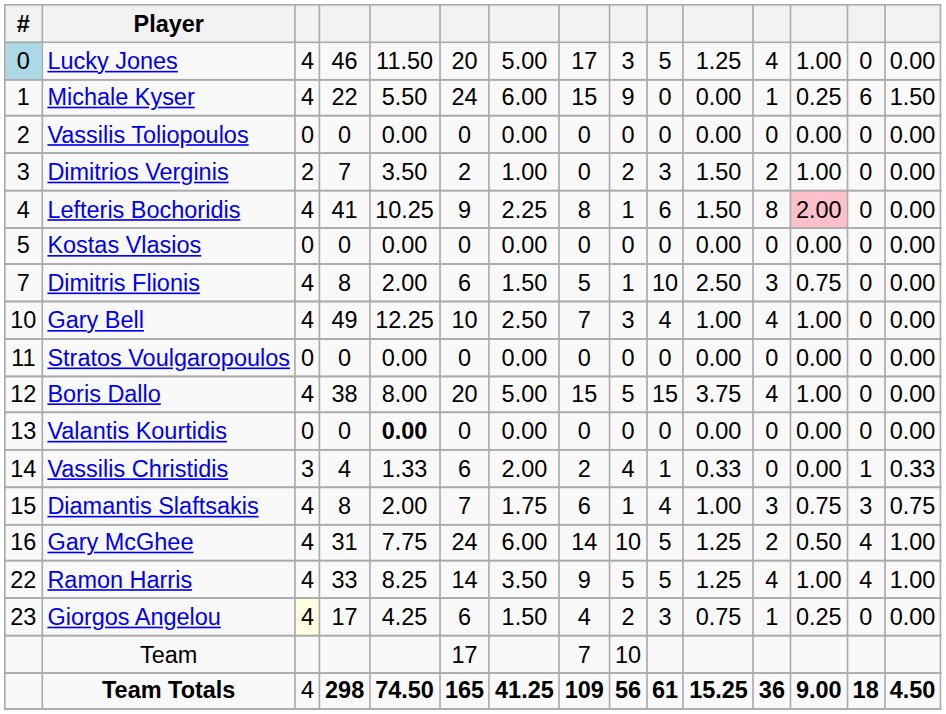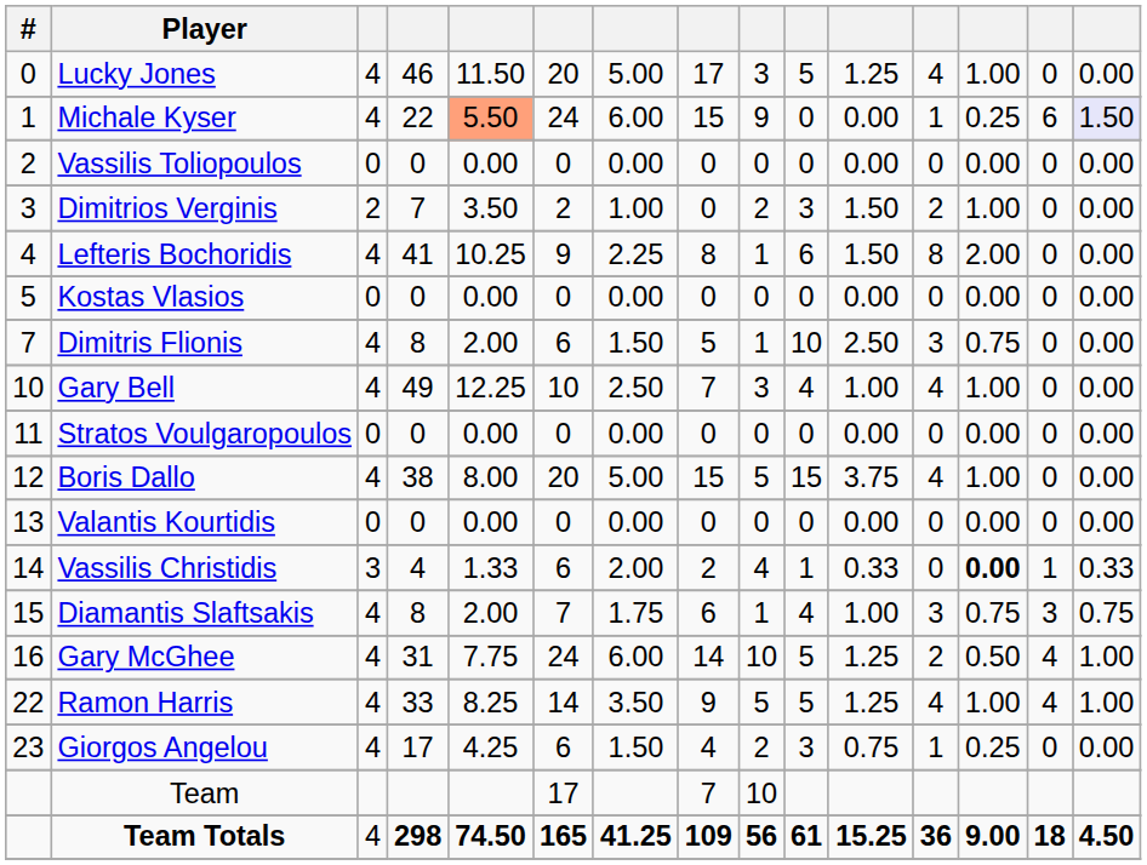 <table class="wikitable sortable" style="font-size:90%; text-align:center;">
 <tr>
 <th>#</th>
 <th>Player</th>
 <th></th>
 <th></th>
 <th></th>
 <th></th>
 <th></th>
 <th></th>
 <th></th>
 <th></th>
 <th></th>
 <th></th>
 <th></th>
 <th></th>
 <th></th>
 </tr>
 <tr>
-<td style="background: lightblue;">0</td>
+<td>0</td>
 <td align="left"> <a href='#'>Lucky Jones</a></td>
 <td>4</td>
 <td>46</td>
 <td>11.50</td>
 <td>20</td>
 <td>5.00</td>
 <td>17</td>
 <td>3</td>
 <td>5</td>
 <td>1.25</td>
 <td>4</td>
 <td>1.00</td>
 <td>0</td>
 <td>0.00</td>
 </tr>
 <tr>
 </tr>
 <tr>
 <td>1</td>
 <td align="left"> <a href='#'>Michale Kyser</a></td>
 <td>4</td>
 <td>22</td>
-<td>5.50</td>
+<td style="background: lightsalmon;">5.50</td>
 <td>24</td>
 <td>6.00</td>
 <td>15</td>
 <td>9</td>
 <td>0</td>
 <td>0.00</td>
 <td>1</td>
 <td>0.25</td>
 <td>6</td>
-<td>1.50</td>
+<td style="background: lavender;">1.50</td>
 </tr>
 <tr>
 </tr>
 <tr>
 <td>2</td>
 <td align="left"> <a href='#'>Vassilis Toliopoulos</a></td>
 <td>0</td>
 <td>0</td>
 <td>0.00</td>
 <td>0</td>
 <td>0.00</td>
 <td>0</td>
 <td>0</td>
 <td>0</td>
 <td>0.00</td>
 <td>0</td>
 <td>0.00</td>
 <td>0</td>
 <td>0.00</td>
 </tr>
 <tr>
 </tr>
 <tr>
 <td>3</td>
 <td align="left"> <a href='#'>Dimitrios Verginis</a></td>
 <td>2</td>
 <td>7</td>
 <td>3.50</td>
 <td>2</td>
 <td>1.00</td>
 <td>0</td>
 <td>2</td>
 <td>3</td>
 <td>1.50</td>
 <td>2</td>
 <td>1.00</td>
 <td>0</td>
 <td>0.00</td>
 </tr>
 <tr>
 </tr>
 <tr>
 <td>4</td>
 <td align="left"> <a href='#'>Lefteris Bochoridis</a></td>
 <td>4</td>
 <td>41</td>
 <td>10.25</td>
 <td>9</td>
 <td>2.25</td>
 <td>8</td>
 <td>1</td>
 <td>6</td>
 <td>1.50</td>
 <td>8</td>
-<td style="background: pink;">2.00</td>
+<td>2.00</td>
 <td>0</td>
 <td>0.00</td>
 </tr>
 <tr>
 </tr>
 <tr>
 <td>5</td>
 <td align="left"> <a href='#'>Kostas Vlasios</a></td>
 <td>0</td>
 <td>0</td>
 <td>0.00</td>
 <td>0</td>
 <td>0.00</td>
 <td>0</td>
 <td>0</td>
 <td>0</td>
 <td>0.00</td>
 <td>0</td>
 <td>0.00</td>
 <td>0</td>
 <td>0.00</td>
 </tr>
 <tr>
 </tr>
 <tr>
 <td>7</td>
 <td align="left"> <a href='#'>Dimitris Flionis</a></td>
 <td>4</td>
 <td>8</td>
 <td>2.00</td>
 <td>6</td>
 <td>1.50</td>
 <td>5</td>
 <td>1</td>
 <td>10</td>
 <td>2.50</td>
 <td>3</td>
 <td>0.75</td>
 <td>0</td>
 <td>0.00</td>
 </tr>
 <tr>
 </tr>
 <tr>
 <td>10</td>
 <td align="left"> <a href='#'>Gary Bell</a></td>
 <td>4</td>
 <td>49</td>
 <td>12.25</td>
 <td>10</td>
 <td>2.50</td>
 <td>7</td>
 <td>3</td>
 <td>4</td>
 <td>1.00</td>
 <td>4</td>
 <td>1.00</td>
 <td>0</td>
 <td>0.00</td>
 </tr>
 <tr>
 </tr>
 <tr>
 <td>11</td>
 <td align="left"> <a href='#'>Stratos Voulgaropoulos</a></td>
 <td>0</td>
 <td>0</td>
 <td>0.00</td>
 <td>0</td>
 <td>0.00</td>
 <td>0</td>
 <td>0</td>
 <td>0</td>
 <td>0.00</td>
 <td>0</td>
 <td>0.00</td>
 <td>0</td>
 <td>0.00</td>
 </tr>
 <tr>
 </tr>
 <tr>
 <td>12</td>
 <td align="left"> <a href='#'>Boris Dallo</a></td>
 <td>4</td>
 <td>38</td>
 <td>8.00</td>
 <td>20</td>
 <td>5.00</td>
 <td>15</td>
 <td>5</td>
 <td>15</td>
 <td>3.75</td>
 <td>4</td>
 <td>1.00</td>
 <td>0</td>
 <td>0.00</td>
 </tr>
 <tr>
 </tr>
 <tr>
 <td>13</td>
 <td align="left"> <a href='#'>Valantis Kourtidis</a></td>
 <td>0</td>
 <td>0</td>
-<td><strong>0.00</strong></td>
+<td>0.00</td>
 <td>0</td>
 <td>0.00</td>
 <td>0</td>
 <td>0</td>
 <td>0</td>
 <td>0.00</td>
 <td>0</td>
 <td>0.00</td>
 <td>0</td>
 <td>0.00</td>
 </tr>
 <tr>
 </tr>
 <tr>
 <td>14</td>
 <td align="left"> <a href='#'>Vassilis Christidis</a></td>
 <td>3</td>
 <td>4</td>
 <td>1.33</td>
 <td>6</td>
 <td>2.00</td>
 <td>2</td>
 <td>4</td>
 <td>1</td>
 <td>0.33</td>
 <td>0</td>
-<td>0.00</td>
+<td><strong>0.00</strong></td>
 <td>1</td>
 <td>0.33</td>
 </tr>
 <tr>
 </tr>
 <tr>
 <td>15</td>
 <td align="left"> <a href='#'>Diamantis Slaftsakis</a></td>
 <td>4</td>
 <td>8</td>
 <td>2.00</td>
 <td>7</td>
 <td>1.75</td>
 <td>6</td>
 <td>1</td>
 <td>4</td>
 <td>1.00</td>
 <td>3</td>
 <td>0.75</td>
 <td>3</td>
 <td>0.75</td>
 </tr>
 <tr>
 </tr>
 <tr>
 <td>16</td>
 <td align="left"> <a href='#'>Gary McGhee</a></td>
 <td>4</td>
 <td>31</td>
 <td>7.75</td>
 <td>24</td>
 <td>6.00</td>
 <td>14</td>
 <td>10</td>
 <td>5</td>
 <td>1.25</td>
 <td>2</td>
 <td>0.50</td>
 <td>4</td>
 <td>1.00</td>
 </tr>
 <tr>
 </tr>
 <tr>
 <td>22</td>
 <td align="left"> <a href='#'>Ramon Harris</a></td>
 <td>4</td>
 <td>33</td>
 <td>8.25</td>
 <td>14</td>
 <td>3.50</td>
 <td>9</td>
 <td>5</td>
 <td>5</td>
 <td>1.25</td>
 <td>4</td>
 <td>1.00</td>
 <td>4</td>
 <td>1.00</td>
 </tr>
 <tr>
 </tr>
 <tr>
 <td>23</td>
 <td align="left"> <a href='#'>Giorgos Angelou</a></td>
-<td style="background: lightyellow;">4</td>
+<td>4</td>
 <td>17</td>
 <td>4.25</td>
 <td>6</td>
 <td>1.50</td>
 <td>4</td>
 <td>2</td>
 <td>3</td>
 <td>0.75</td>
 <td>1</td>
 <td>0.25</td>
 <td>0</td>
 <td>0.00</td>
 </tr>
 <tr>
 </tr>
 <tr>
 <td></td>
 <td>Team</td>
 <td></td>
 <td></td>
 <td></td>
 <td>17</td>
 <td></td>
 <td>7</td>
 <td>10</td>
 <td></td>
 <td></td>
 <td></td>
 <td></td>
 <td></td>
 <td></td>
 </tr>
 <tr>
 </tr>
 <tr>
 <td></td>
 <td><strong>Team Totals</strong></td>
 <td>4</td>
 <td><strong>298</strong></td>
 <td><strong>74.50</strong></td>
 <td><strong>165</strong></td>
 <td><strong>41.25</strong></td>
 <td><strong>109</strong></td>
 <td><strong>56</strong></td>
 <td><strong>61</strong></td>
 <td><strong>15.25</strong></td>
 <td><strong>36</strong></td>
 <td><strong>9.00</strong></td>
 <td><strong>18</strong></td>
 <td><strong>4.50</strong></td>
 </tr>
 <tr>
 </tr>
 </table>
